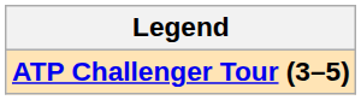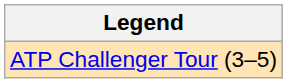 <table class=wikitable style=font-size:97%>
 <tr>
 <th>Legend</th>
 </tr>
 <tr bgcolor=moccasin>
-<td><strong><a href='#'>ATP Challenger Tour</a> (3–5)</strong></td>
+<td><a href='#'>ATP Challenger Tour</a> (3–5)</td>
 </tr>
 </table>
